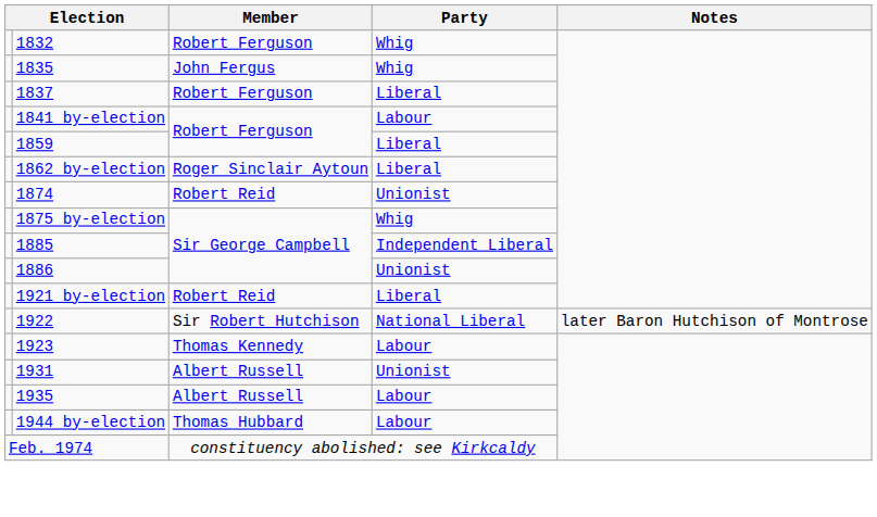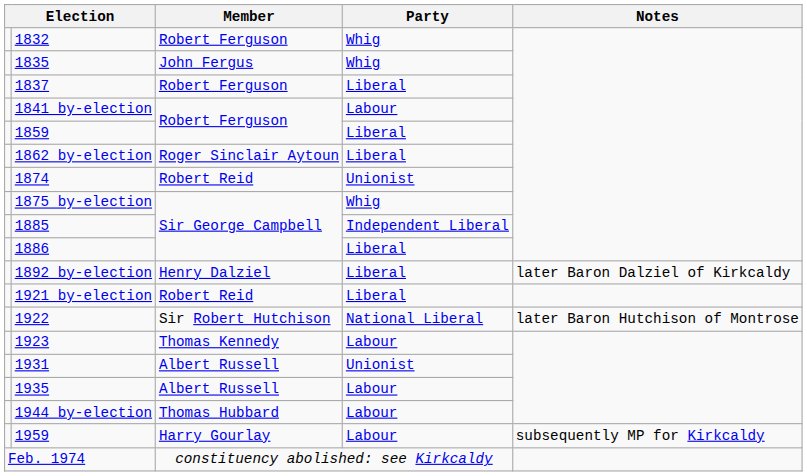 <table class="wikitable">
 <tr>
 <th colspan="2">Election</th>
 <th>Member</th>
 <th>Party</th>
 <th>Notes</th>
 </tr>
 <tr>
 <td style="color:inherit;background-color: "></td>
 <td><a href='#'>1832</a></td>
 <td><a href='#'>Robert Ferguson</a></td>
 <td><a href='#'>Whig</a></td>
 </tr>
 <tr>
 <td style="color:inherit;background-color: "></td>
 <td><a href='#'>1835</a></td>
 <td><a href='#'>John Fergus</a></td>
 <td><a href='#'>Whig</a></td>
 </tr>
 <tr>
 <td style="color:inherit;background-color: "></td>
 <td><a href='#'>1837</a></td>
 <td><a href='#'>Robert Ferguson</a></td>
 <td><a href='#'>Liberal</a></td>
 </tr>
 <tr>
 <td style="color:inherit;background-color: "></td>
 <td><a href='#'>1841 by-election</a></td>
 <td rowspan="2"><a href='#'>Robert Ferguson</a></td>
 <td><a href='#'>Labour</a></td>
 </tr>
 <tr>
 <td style="color:inherit;background-color: "></td>
 <td><a href='#'>1859</a></td>
 <td><a href='#'>Liberal</a></td>
 </tr>
 <tr>
 <td style="color:inherit;background-color: "></td>
 <td><a href='#'>1862 by-election</a></td>
 <td><a href='#'>Roger Sinclair Aytoun</a></td>
 <td><a href='#'>Liberal</a></td>
 </tr>
 <tr>
 <td style="color:inherit;background-color: "></td>
 <td><a href='#'>1874</a></td>
 <td><a href='#'>Robert Reid</a></td>
 <td><a href='#'>Unionist</a></td>
 </tr>
 <tr>
 <td style="color:inherit;background-color: "></td>
 <td><a href='#'>1875 by-election</a></td>
 <td rowspan=3><a href='#'>Sir George Campbell</a></td>
 <td><a href='#'>Whig</a></td>
 </tr>
 <tr>
 <td style="color:inherit;background-color: "></td>
 <td><a href='#'>1885</a></td>
 <td><a href='#'>Independent Liberal</a></td>
 </tr>
 <tr>
 <td style="color:inherit;background-color: "></td>
 <td><a href='#'>1886</a></td>
-<td><a href='#'>Unionist</a></td>
+<td><a href='#'>Liberal</a></td>
+</tr>
+<tr>
+<td style="color:inherit;background-color: "></td>
+<td><a href='#'>1892 by-election</a></td>
+<td><a href='#'>Henry Dalziel</a></td>
+<td><a href='#'>Liberal</a></td>
+<td>later Baron Dalziel of Kirkcaldy</td>
 </tr>
 <tr>
 <td style="color:inherit;background-color: "></td>
 <td><a href='#'>1921 by-election</a></td>
 <td><a href='#'>Robert Reid</a></td>
 <td><a href='#'>Liberal</a></td>
 </tr>
 <tr>
 <td style="color:inherit;background-color: "></td>
 <td><a href='#'>1922</a></td>
 <td>Sir <a href='#'>Robert Hutchison</a></td>
 <td><a href='#'>National Liberal</a></td>
 <td>later Baron Hutchison of Montrose</td>
 </tr>
 <tr>
 <td style="color:inherit;background-color: "></td>
 <td><a href='#'>1923</a></td>
 <td><a href='#'>Thomas Kennedy</a></td>
 <td><a href='#'>Labour</a></td>
 </tr>
 <tr>
 <td style="color:inherit;background-color: "></td>
 <td><a href='#'>1931</a></td>
 <td><a href='#'>Albert Russell</a></td>
 <td><a href='#'>Unionist</a></td>
 </tr>
 <tr>
 <td style="color:inherit;background-color: "></td>
 <td><a href='#'>1935</a></td>
 <td><a href='#'>Albert Russell</a></td>
 <td><a href='#'>Labour</a></td>
 </tr>
 <tr>
 <td style="color:inherit;background-color: "></td>
 <td><a href='#'>1944 by-election</a></td>
 <td><a href='#'>Thomas Hubbard</a></td>
 <td><a href='#'>Labour</a></td>
 </tr>
 <tr>
+<td style="color:inherit;background-color: "></td>
+<td><a href='#'>1959</a></td>
+<td><a href='#'>Harry Gourlay</a></td>
+<td><a href='#'>Labour</a></td>
+<td>subsequently MP for <a href='#'>Kirkcaldy</a></td>
+</tr>
+<tr>
 <td colspan="2"><a href='#'>Feb. 1974</a></td>
 <td colspan="2" align="center"><em>constituency abolished: see <a href='#'>Kirkcaldy</a></em></td>
 </tr>
 </table>
